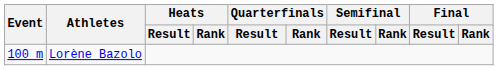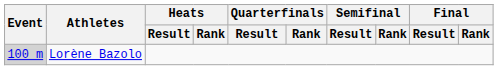 <table class="wikitable" border="1" style="font-size:90%">
 <tr>
 <th rowspan="2">Event</th>
 <th rowspan="2">Athletes</th>
 <th colspan="2">Heats</th>
 <th colspan="2">Quarterfinals</th>
 <th colspan="2">Semifinal</th>
 <th colspan="2">Final</th>
 </tr>
 <tr>
 <th>Result</th>
 <th>Rank</th>
 <th>Result</th>
 <th>Rank</th>
 <th>Result</th>
 <th>Rank</th>
 <th>Result</th>
 <th>Rank</th>
 </tr>
 <tr>
-<td><a href='#'>100 m</a></td>
+<td style="background: lightgrey;"><a href='#'>100 m</a></td>
 <td><a href='#'>Lorène Bazolo</a></td>
 <td align=center colspan=8></td>
 </tr>
 </table>
